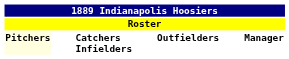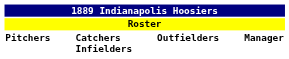 <table class="toccolours" style="font-size: 95%;">
 <tr>
 <th colspan="10" style="background-color: navy; color: white; text-align: center;">1889 Indianapolis Hoosiers</th>
 </tr>
 <tr>
 <td colspan="10" style="background-color: yellow; color: black; text-align: center;"><strong>Roster</strong></td>
 </tr>
 <tr>
-<td valign="top" style="background: lightyellow;"><strong>Pitchers</strong><br>         </td>
+<td valign="top"><strong>Pitchers</strong><br>         </td>
 <td width="25px"></td>
 <td valign="top"><strong>Catchers</strong><br>    <strong>Infielders</strong>     </td>
 <td width="25px"></td>
 <td valign="top"><strong>Outfielders</strong><br>    </td>
 <td width="25px"></td>
 <td valign="top"><strong>Manager</strong><br> </td>
 </tr>
 <tr>
 </tr>
 </table>
